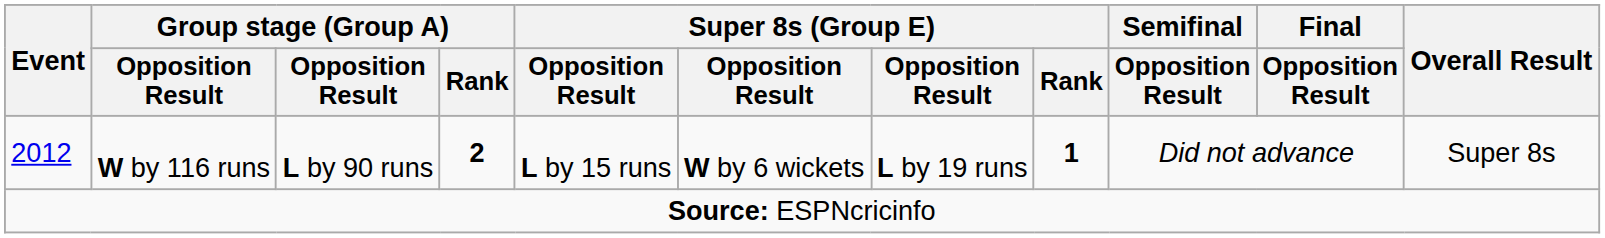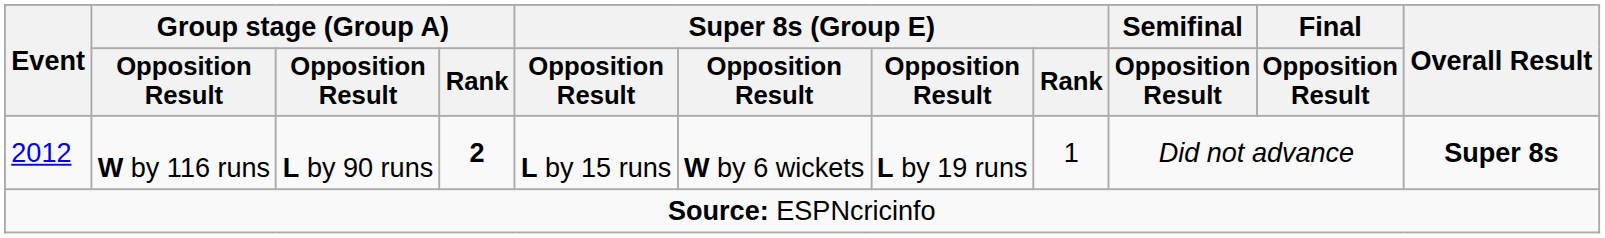 <table class=wikitable style=font-size:90%;text-align:center>
 <tr>
 <th rowspan=2>Event</th>
 <th colspan=3>Group stage (Group A)</th>
 <th colspan=4>Super 8s (Group E)</th>
 <th>Semifinal</th>
 <th>Final</th>
 <th rowspan=2>Overall Result</th>
 </tr>
 <tr style=font-size:95%>
 <th>Opposition<br>Result</th>
 <th>Opposition<br>Result</th>
 <th>Rank</th>
 <th>Opposition<br>Result</th>
 <th>Opposition<br>Result</th>
 <th>Opposition<br>Result</th>
 <th>Rank</th>
 <th>Opposition<br>Result</th>
 <th>Opposition<br>Result</th>
 </tr>
 <tr>
 <td align=left><a href='#'>2012</a></td>
 <td><br><strong>W</strong> by 116 runs</td>
 <td><br><strong>L</strong> by 90 runs</td>
 <td><strong>2</strong></td>
 <td><br><strong>L</strong> by 15 runs</td>
 <td><br><strong>W</strong> by 6 wickets</td>
 <td><br><strong>L</strong> by 19 runs</td>
-<td><strong>1</strong></td>
+<td>1</td>
 <td colspan="2"><em>Did not advance</em></td>
-<td>Super 8s</td>
+<td><strong>Super 8s</strong></td>
 </tr>
 <tr>
 <td colspan="11"><strong>Source:</strong> ESPNcricinfo</td>
 </tr>
 </table>
